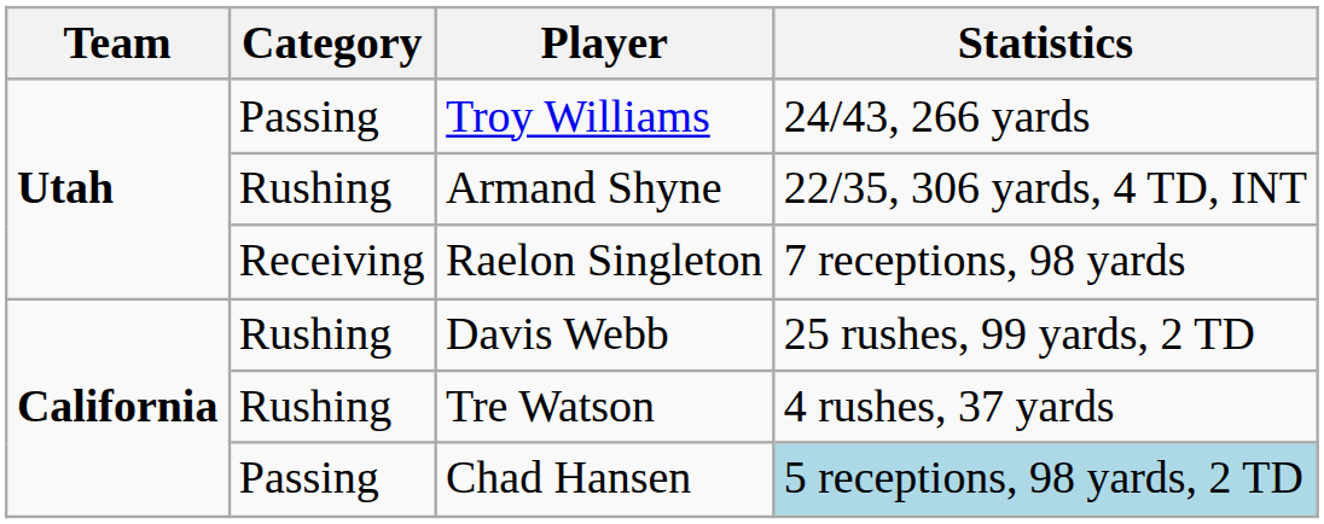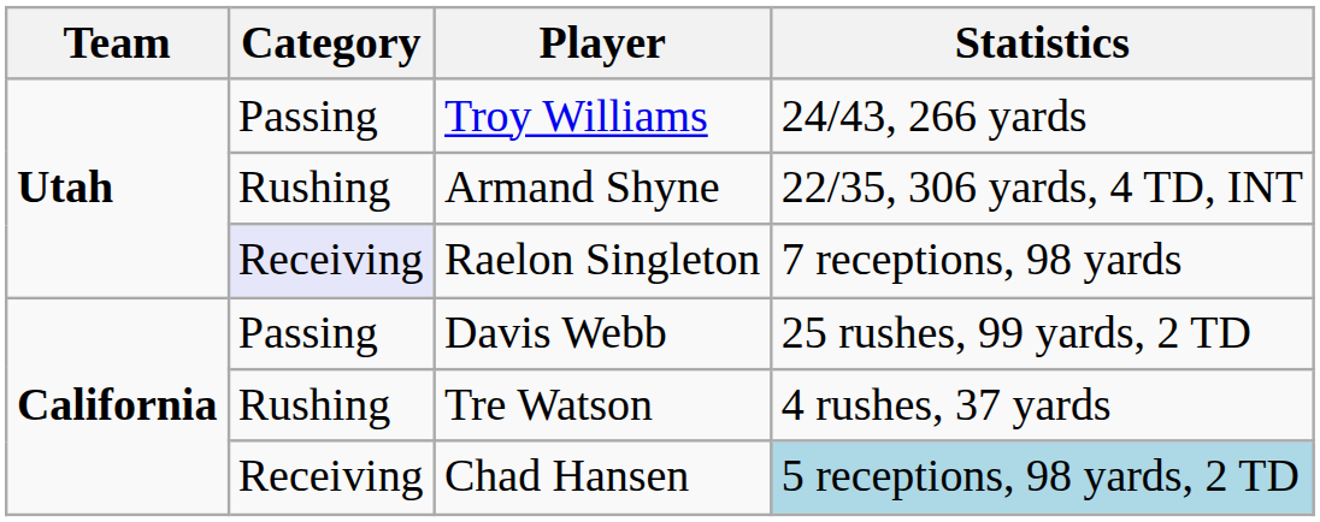 <table class="wikitable" style="float: left;">
 <tr>
 <th>Team</th>
 <th>Category</th>
 <th>Player</th>
 <th>Statistics</th>
 </tr>
 <tr>
 <td rowspan=3><strong>Utah</strong></td>
 <td>Passing</td>
 <td><a href='#'>Troy Williams</a></td>
 <td>24/43, 266 yards</td>
 </tr>
 <tr>
 <td>Rushing</td>
 <td>Armand Shyne</td>
 <td>22/35, 306 yards, 4 TD, INT</td>
 </tr>
 <tr>
-<td>Receiving</td>
+<td style="background: lavender;">Receiving</td>
 <td>Raelon Singleton</td>
 <td>7 receptions, 98 yards</td>
 </tr>
 <tr>
 <td rowspan=3><strong>California</strong></td>
-<td>Rushing</td>
+<td>Passing</td>
 <td>Davis Webb</td>
 <td>25 rushes, 99 yards, 2 TD</td>
 </tr>
 <tr>
 <td>Rushing</td>
 <td>Tre Watson</td>
 <td>4 rushes, 37 yards</td>
 </tr>
 <tr>
-<td>Passing</td>
+<td>Receiving</td>
 <td>Chad Hansen</td>
 <td style="background: lightblue;">5 receptions, 98 yards, 2 TD</td>
 </tr>
 </table>
